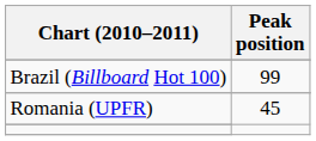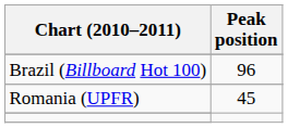 <table class="wikitable sortable">
 <tr>
 <th>Chart (2010–2011)</th>
 <th>Peak<br>position</th>
 </tr>
 <tr>
 </tr>
 <tr>
 </tr>
 <tr>
 </tr>
 <tr>
 </tr>
 <tr>
 <td>Brazil (<em><a href='#'>Billboard</a></em> <a href='#'>Hot 100</a>)</td>
-<td style="text-align:center;">99</td>
+<td style="text-align:center;">96</td>
 </tr>
 <tr>
 </tr>
 <tr>
 </tr>
 <tr>
 </tr>
 <tr>
 </tr>
 <tr>
 </tr>
 <tr>
 </tr>
 <tr>
 <td>Romania (<a href='#'>UPFR</a>)</td>
 <td align="center">45</td>
 </tr>
 <tr>
 </tr>
 <tr>
 </tr>
 <tr>
 </tr>
 <tr>
 </tr>
 <tr>
 <td></td>
 </tr>
 <tr>
 </tr>
 <tr>
 </tr>
 </table>
